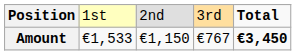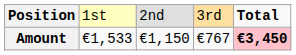 <table class="wikitable">
 <tr>
 <th>Position</th>
 <td bgcolor="#ffffbf">1st</td>
 <td bgcolor="#dfdfdf">2nd</td>
 <td bgcolor="#ffdf9f">3rd</td>
 <td><strong>Total</strong></td>
 </tr>
 <tr>
 <th>Amount</th>
 <td>€1,533</td>
 <td>€1,150</td>
 <td>€767</td>
-<td><strong>€3,450</strong></td>
+<td style="background: pink;"><strong>€3,450</strong></td>
 </tr>
 </table>
